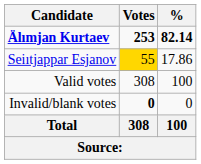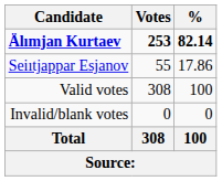 <table class="wikitable" style="text-align:right">
 <tr>
 <th>Candidate</th>
 <th>Votes</th>
 <th>%</th>
 </tr>
 <tr>
 <td align="left"><strong><a href='#'>Älımjan Kurtaev</a></strong></td>
 <td><strong>253</strong></td>
 <td><strong>82.14</strong></td>
 </tr>
 <tr>
 <td align="left"><a href='#'>Seiıtjappar Esjanov</a></td>
-<td style="background: gold;">55</td>
+<td>55</td>
 <td>17.86</td>
 </tr>
 <tr>
 <td>Valid votes</td>
 <td>308</td>
 <td>100</td>
 </tr>
 <tr>
 <td>Invalid/blank votes</td>
-<td><strong>0</strong></td>
+<td>0</td>
 <td>0</td>
 </tr>
 <tr>
 <th>Total</th>
 <th>308</th>
 <th>100</th>
 </tr>
 <tr>
 <th colspan="3">Source: </th>
 </tr>
 </table>
